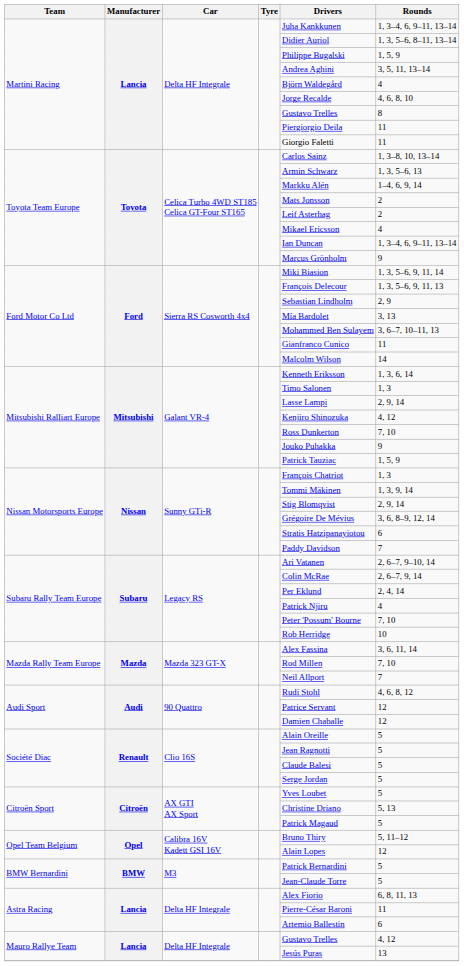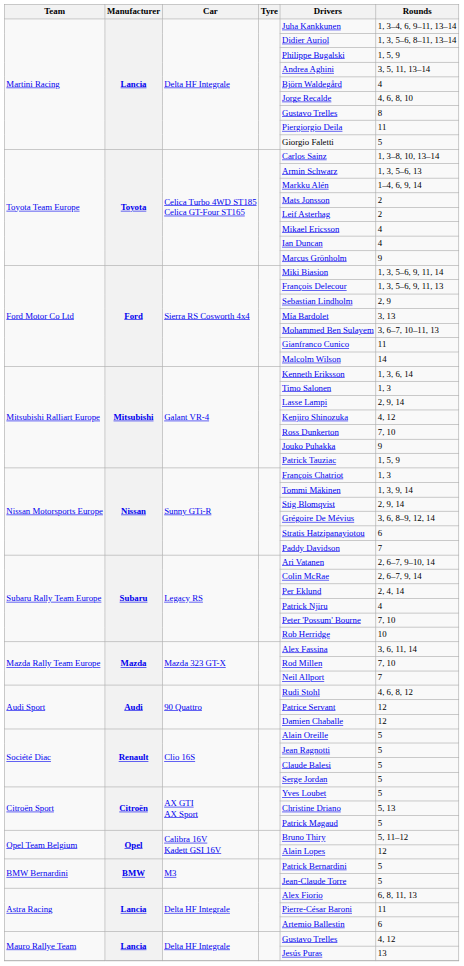 <table class="wikitable" style="font-size: 90%">
 <tr>
 <th>Team</th>
 <th>Manufacturer</th>
 <th>Car</th>
 <th>Tyre</th>
 <th>Drivers</th>
 <th>Rounds</th>
 </tr>
 <tr>
 <td rowspan="9"> <a href='#'>Martini Racing</a></td>
 <th rowspan="9"><a href='#'>Lancia</a></th>
 <td rowspan="9"><a href='#'>Delta HF Integrale</a></td>
 <td rowspan="9" align="center"></td>
 <td> <a href='#'>Juha Kankkunen</a></td>
 <td>1, 3–4, 6, 9–11, 13–14</td>
 </tr>
 <tr>
 <td> <a href='#'>Didier Auriol</a></td>
 <td>1, 3, 5–6, 8–11, 13–14</td>
 </tr>
 <tr>
 <td> <a href='#'>Philippe Bugalski</a></td>
 <td>1, 5, 9</td>
 </tr>
 <tr>
 <td> <a href='#'>Andrea Aghini</a></td>
 <td>3, 5, 11, 13–14</td>
 </tr>
 <tr>
 <td> <a href='#'>Björn Waldegård</a></td>
 <td>4</td>
 </tr>
 <tr>
 <td> <a href='#'>Jorge Recalde</a></td>
 <td>4, 6, 8, 10</td>
 </tr>
 <tr>
 <td> <a href='#'>Gustavo Trelles</a></td>
 <td>8</td>
 </tr>
 <tr>
 <td> <a href='#'>Piergiorgio Deila</a></td>
 <td>11</td>
 </tr>
 <tr>
 <td> Giorgio Faletti</td>
-<td>11</td>
+<td>5</td>
 </tr>
 <tr>
 <td rowspan="8"> <a href='#'>Toyota Team Europe</a></td>
 <th rowspan="8"><a href='#'>Toyota</a></th>
 <td rowspan="8"><a href='#'>Celica Turbo 4WD ST185</a><br><a href='#'> Celica GT-Four ST165</a></td>
 <td rowspan="8" align="center"></td>
 <td> <a href='#'>Carlos Sainz</a></td>
 <td>1, 3–8, 10, 13–14</td>
 </tr>
 <tr>
 <td> <a href='#'>Armin Schwarz</a></td>
 <td>1, 3, 5–6, 13</td>
 </tr>
 <tr>
 <td> <a href='#'>Markku Alén</a></td>
 <td>1–4, 6, 9, 14</td>
 </tr>
 <tr>
 <td> <a href='#'>Mats Jonsson</a></td>
 <td>2</td>
 </tr>
 <tr>
 <td> <a href='#'>Leif Asterhag</a></td>
 <td>2</td>
 </tr>
 <tr>
 <td> <a href='#'>Mikael Ericsson</a></td>
 <td>4</td>
 </tr>
 <tr>
 <td> <a href='#'>Ian Duncan</a></td>
-<td>1, 3–4, 6, 9–11, 13–14</td>
+<td>4</td>
 </tr>
 <tr>
 <td> <a href='#'>Marcus Grönholm</a></td>
 <td>9</td>
 </tr>
 <tr>
 <td rowspan="7"> <a href='#'>Ford Motor Co Ltd</a></td>
 <th rowspan="7"><a href='#'>Ford</a></th>
 <td rowspan="7"><a href='#'>Sierra RS Cosworth 4x4</a></td>
 <td rowspan="7" align="center"></td>
 <td> <a href='#'>Miki Biasion</a></td>
 <td>1, 3, 5–6, 9, 11, 14</td>
 </tr>
 <tr>
 <td> <a href='#'>François Delecour</a></td>
 <td>1, 3, 5–6, 9, 11, 13</td>
 </tr>
 <tr>
 <td> <a href='#'>Sebastian Lindholm</a></td>
 <td>2, 9</td>
 </tr>
 <tr>
 <td> <a href='#'>Mía Bardolet</a></td>
 <td>3, 13</td>
 </tr>
 <tr>
 <td> <a href='#'>Mohammed Ben Sulayem</a></td>
 <td>3, 6–7, 10–11, 13</td>
 </tr>
 <tr>
 <td> <a href='#'>Gianfranco Cunico</a></td>
 <td>11</td>
 </tr>
 <tr>
 <td> <a href='#'>Malcolm Wilson</a></td>
 <td>14</td>
 </tr>
 <tr>
 <td rowspan="7"> <a href='#'>Mitsubishi Ralliart Europe</a></td>
 <th rowspan="7"><a href='#'>Mitsubishi</a></th>
 <td rowspan="7"><a href='#'>Galant VR-4</a></td>
 <td rowspan="7" align="center"></td>
 <td> <a href='#'>Kenneth Eriksson</a></td>
 <td>1, 3, 6, 14</td>
 </tr>
 <tr>
 <td> <a href='#'>Timo Salonen</a></td>
 <td>1, 3</td>
 </tr>
 <tr>
 <td> <a href='#'>Lasse Lampi</a></td>
 <td>2, 9, 14</td>
 </tr>
 <tr>
 <td> <a href='#'>Kenjiro Shinozuka</a></td>
 <td>4, 12</td>
 </tr>
 <tr>
 <td> <a href='#'>Ross Dunkerton</a></td>
 <td>7, 10</td>
 </tr>
 <tr>
 <td> <a href='#'>Jouko Puhakka</a></td>
 <td>9</td>
 </tr>
 <tr>
 <td> <a href='#'>Patrick Tauziac</a></td>
 <td>1, 5, 9</td>
 </tr>
 <tr>
 <td rowspan="6"> <a href='#'>Nissan Motorsports Europe</a></td>
 <th rowspan="6"><a href='#'>Nissan</a></th>
 <td rowspan="6"><a href='#'>Sunny GTi-R</a></td>
 <td rowspan="6" align="center"></td>
 <td> <a href='#'>François Chatriot</a></td>
 <td>1, 3</td>
 </tr>
 <tr>
 <td> <a href='#'>Tommi Mäkinen</a></td>
 <td>1, 3, 9, 14</td>
 </tr>
 <tr>
 <td> <a href='#'>Stig Blomqvist</a></td>
 <td>2, 9, 14</td>
 </tr>
 <tr>
 <td> <a href='#'>Grégoire De Mévius</a></td>
 <td>3, 6, 8–9, 12, 14</td>
 </tr>
 <tr>
 <td> <a href='#'>Stratis Hatzipanayiotou</a></td>
 <td>6</td>
 </tr>
 <tr>
 <td> <a href='#'>Paddy Davidson</a></td>
 <td>7</td>
 </tr>
 <tr>
 <td rowspan="6"> <a href='#'>Subaru Rally Team Europe</a></td>
 <th rowspan="6"><a href='#'>Subaru</a></th>
 <td rowspan="6"><a href='#'>Legacy RS</a></td>
 <td rowspan="6" align="center"><br></td>
 <td> <a href='#'>Ari Vatanen</a></td>
 <td>2, 6–7, 9–10, 14</td>
 </tr>
 <tr>
 <td> <a href='#'>Colin McRae</a></td>
 <td>2, 6–7, 9, 14</td>
 </tr>
 <tr>
 <td> <a href='#'>Per Eklund</a></td>
 <td>2, 4, 14</td>
 </tr>
 <tr>
 <td> <a href='#'>Patrick Njiru</a></td>
 <td>4</td>
 </tr>
 <tr>
 <td> <a href='#'>Peter 'Possum' Bourne</a></td>
 <td>7, 10</td>
 </tr>
 <tr>
 <td> <a href='#'>Rob Herridge</a></td>
 <td>10</td>
 </tr>
 <tr>
 <td rowspan="3"> <a href='#'>Mazda Rally Team Europe</a></td>
 <th rowspan="3"><a href='#'>Mazda</a></th>
 <td rowspan="3"><a href='#'>Mazda 323 GT-X</a></td>
 <td rowspan="3" align="center"></td>
 <td> <a href='#'>Alex Fassina</a></td>
 <td>3, 6, 11, 14</td>
 </tr>
 <tr>
 <td> <a href='#'>Rod Millen</a></td>
 <td>7, 10</td>
 </tr>
 <tr>
 <td> <a href='#'>Neil Allport</a></td>
 <td>7</td>
 </tr>
 <tr>
 <td rowspan="3"> <a href='#'>Audi Sport</a></td>
 <th rowspan="3"><a href='#'>Audi</a></th>
 <td rowspan="3"><a href='#'>90 Quattro</a></td>
 <td rowspan="3" align="center"></td>
 <td> <a href='#'>Rudi Stohl</a></td>
 <td>4, 6, 8, 12</td>
 </tr>
 <tr>
 <td> <a href='#'>Patrice Servant</a></td>
 <td>12</td>
 </tr>
 <tr>
 <td> <a href='#'>Damien Chaballe</a></td>
 <td>12</td>
 </tr>
 <tr>
 <td rowspan="4"> <a href='#'>Société Diac</a></td>
 <th rowspan="4"><a href='#'>Renault</a></th>
 <td rowspan="4"><a href='#'>Clio 16S</a></td>
 <td rowspan="4" align="center"></td>
 <td> <a href='#'>Alain Oreille</a></td>
 <td>5</td>
 </tr>
 <tr>
 <td> <a href='#'>Jean Ragnotti</a></td>
 <td>5</td>
 </tr>
 <tr>
 <td> <a href='#'>Claude Balesi</a></td>
 <td>5</td>
 </tr>
 <tr>
 <td> <a href='#'>Serge Jordan</a></td>
 <td>5</td>
 </tr>
 <tr>
 <td rowspan="3"> <a href='#'>Citroën Sport</a></td>
 <th rowspan="3"><a href='#'>Citroën</a></th>
 <td rowspan="3"><a href='#'>AX GTI</a><br><a href='#'>AX Sport</a></td>
 <td rowspan="3" align="center"></td>
 <td> <a href='#'>Yves Loubet</a></td>
 <td>5</td>
 </tr>
 <tr>
 <td> <a href='#'>Christine Driano</a></td>
 <td>5, 13</td>
 </tr>
 <tr>
 <td> <a href='#'>Patrick Magaud</a></td>
 <td>5</td>
 </tr>
 <tr>
 <td rowspan="2"> <a href='#'>Opel Team Belgium</a></td>
 <th rowspan="2"><a href='#'>Opel</a></th>
 <td rowspan="2"><a href='#'>Calibra 16V</a><br><a href='#'>Kadett GSI 16V</a></td>
 <td rowspan="2" align="center"></td>
 <td> <a href='#'>Bruno Thiry</a></td>
 <td>5, 11–12</td>
 </tr>
 <tr>
 <td> <a href='#'>Alain Lopes</a></td>
 <td>12</td>
 </tr>
 <tr>
 <td rowspan="2"> <a href='#'>BMW Bernardini</a></td>
 <th rowspan="2"><a href='#'>BMW</a></th>
 <td rowspan="2"><a href='#'>M3</a></td>
 <td rowspan="2" align="center"></td>
 <td> <a href='#'>Patrick Bernardini</a></td>
 <td>5</td>
 </tr>
 <tr>
 <td> <a href='#'>Jean-Claude Torre</a></td>
 <td>5</td>
 </tr>
 <tr>
 <td rowspan="3"> <a href='#'>Astra Racing</a></td>
 <th rowspan="3"><a href='#'>Lancia</a></th>
 <td rowspan="3"><a href='#'>Delta HF Integrale</a></td>
 <td rowspan="3" align="center"></td>
 <td> <a href='#'>Alex Fiorio</a></td>
 <td>6, 8, 11, 13</td>
 </tr>
 <tr>
 <td> <a href='#'>Pierre-César Baroni</a></td>
 <td>11</td>
 </tr>
 <tr>
 <td> <a href='#'>Artemio Ballestin</a></td>
 <td>6</td>
 </tr>
 <tr>
 <td rowspan="2"> <a href='#'>Mauro Rallye Team</a></td>
 <th rowspan="2"><a href='#'>Lancia</a></th>
 <td rowspan="2"><a href='#'>Delta HF Integrale</a></td>
 <td rowspan="2" align="center"></td>
 <td> <a href='#'>Gustavo Trelles</a></td>
 <td>4, 12</td>
 </tr>
 <tr>
 <td> <a href='#'>Jesús Puras</a></td>
 <td>13</td>
 </tr>
 <tr>
 </tr>
 </table>
